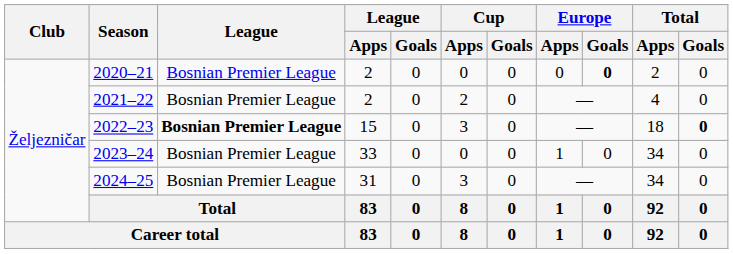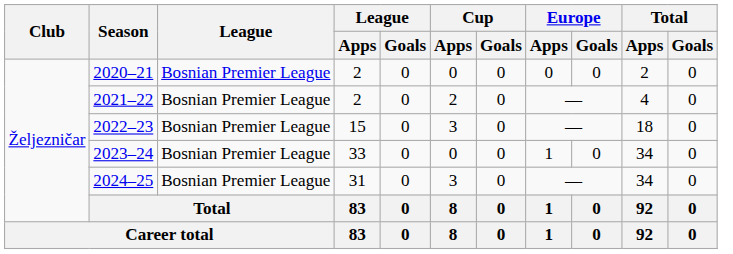 <table class="wikitable" style="text-align:center">
 <tr>
 <th rowspan="2">Club</th>
 <th rowspan="2">Season</th>
 <th rowspan="2">League</th>
 <th colspan="2">League</th>
 <th colspan="2">Cup</th>
 <th colspan="2"><a href='#'>Europe</a></th>
 <th colspan="2">Total</th>
 </tr>
 <tr>
 <th>Apps</th>
 <th>Goals</th>
 <th>Apps</th>
 <th>Goals</th>
 <th>Apps</th>
 <th>Goals</th>
 <th>Apps</th>
 <th>Goals</th>
 </tr>
 <tr>
 <td rowspan="6"><a href='#'>Željezničar</a></td>
 <td><a href='#'>2020–21</a></td>
 <td><a href='#'>Bosnian Premier League</a></td>
 <td>2</td>
 <td>0</td>
 <td>0</td>
 <td>0</td>
 <td>0</td>
-<td><strong>0</strong></td>
+<td>0</td>
 <td>2</td>
 <td>0</td>
 </tr>
 <tr>
 <td><a href='#'>2021–22</a></td>
 <td>Bosnian Premier League</td>
 <td>2</td>
 <td>0</td>
 <td>2</td>
 <td>0</td>
 <td colspan="2">—</td>
 <td>4</td>
 <td>0</td>
 </tr>
 <tr>
 <td><a href='#'>2022–23</a></td>
-<td><strong>Bosnian Premier League</strong></td>
+<td>Bosnian Premier League</td>
 <td>15</td>
 <td>0</td>
 <td>3</td>
 <td>0</td>
 <td colspan="2">—</td>
 <td>18</td>
-<td><strong>0</strong></td>
+<td>0</td>
 </tr>
 <tr>
 <td><a href='#'>2023–24</a></td>
 <td>Bosnian Premier League</td>
 <td>33</td>
 <td>0</td>
 <td>0</td>
 <td>0</td>
 <td>1</td>
 <td>0</td>
 <td>34</td>
 <td>0</td>
 </tr>
 <tr>
 <td><a href='#'>2024–25</a></td>
 <td>Bosnian Premier League</td>
 <td>31</td>
 <td>0</td>
 <td>3</td>
 <td>0</td>
 <td colspan="2">—</td>
 <td>34</td>
 <td>0</td>
 </tr>
 <tr>
 <th colspan="2">Total</th>
 <th>83</th>
 <th>0</th>
 <th>8</th>
 <th>0</th>
 <th>1</th>
 <th>0</th>
 <th>92</th>
 <th>0</th>
 </tr>
 <tr>
 <th colspan="3">Career total</th>
 <th>83</th>
 <th>0</th>
 <th>8</th>
 <th>0</th>
 <th>1</th>
 <th>0</th>
 <th>92</th>
 <th>0</th>
 </tr>
 </table>
